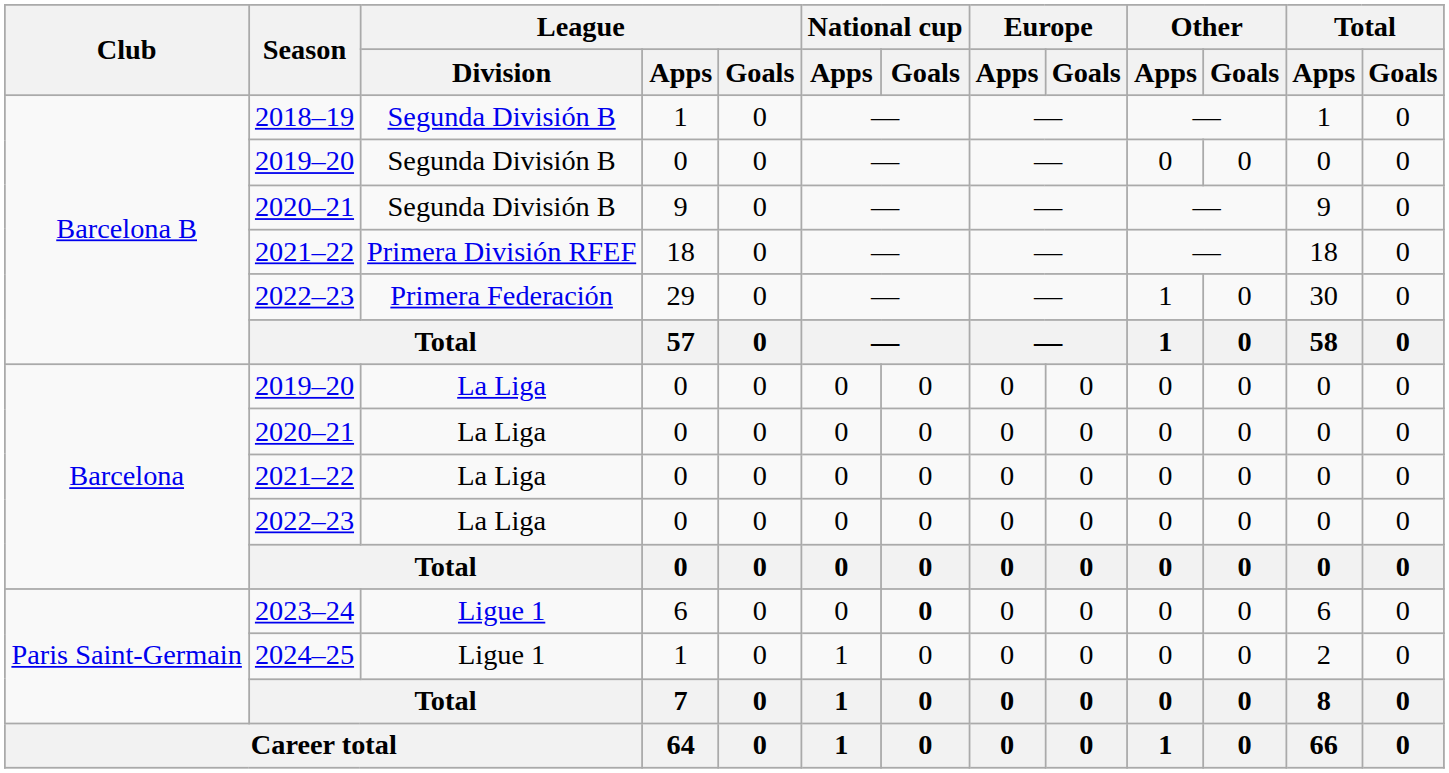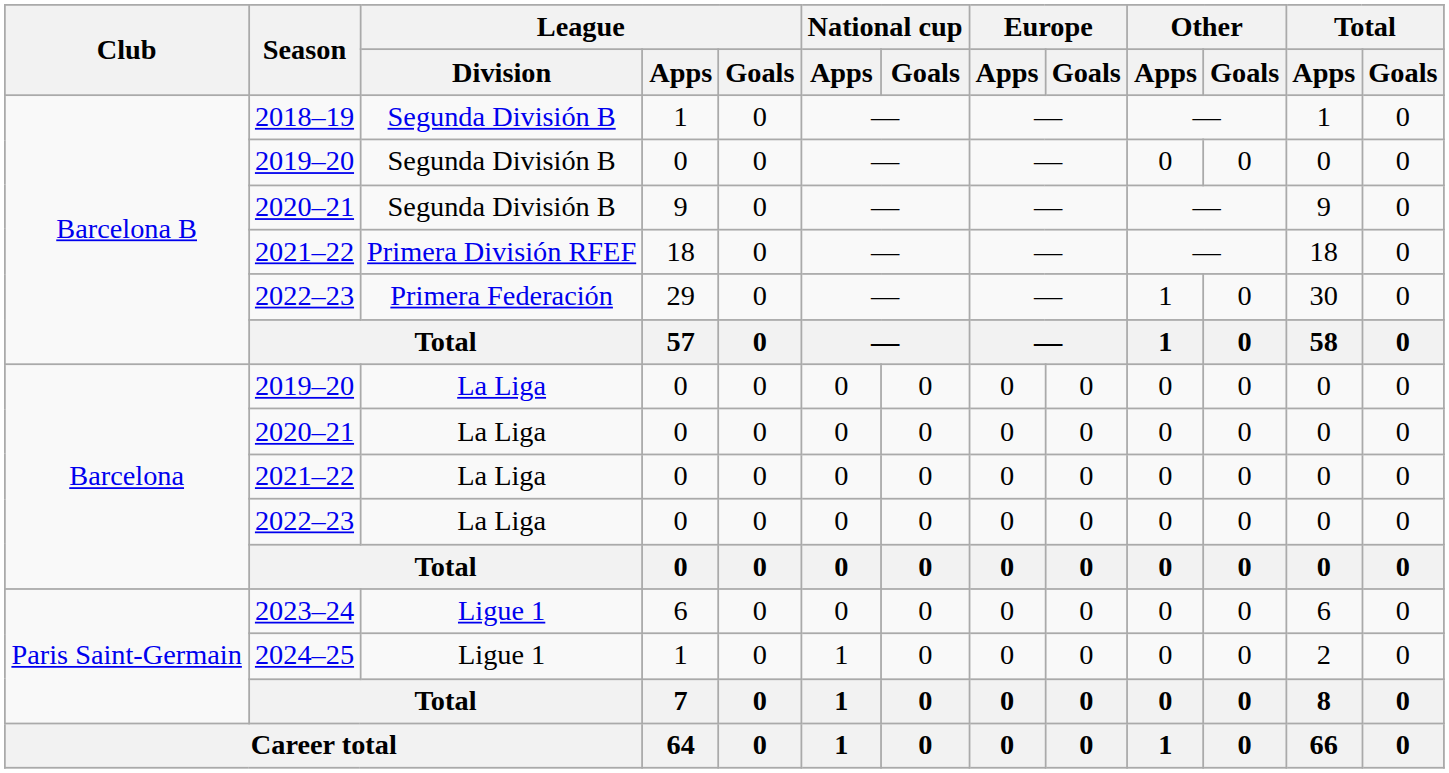 <table class="wikitable" style="text-align: center">
 <tr>
 <th rowspan="2">Club</th>
 <th rowspan="2">Season</th>
 <th colspan="3">League</th>
 <th colspan="2">National cup</th>
 <th colspan="2">Europe</th>
 <th colspan="2">Other</th>
 <th colspan="2">Total</th>
 </tr>
 <tr>
 <th>Division</th>
 <th>Apps</th>
 <th>Goals</th>
 <th>Apps</th>
 <th>Goals</th>
 <th>Apps</th>
 <th>Goals</th>
 <th>Apps</th>
 <th>Goals</th>
 <th>Apps</th>
 <th>Goals</th>
 </tr>
 <tr>
 <td rowspan="6"><a href='#'>Barcelona B</a></td>
 <td><a href='#'>2018–19</a></td>
 <td><a href='#'>Segunda División B</a></td>
 <td>1</td>
 <td>0</td>
 <td colspan="2">—</td>
 <td colspan="2">—</td>
 <td colspan="2">—</td>
 <td>1</td>
 <td>0</td>
 </tr>
 <tr>
 <td><a href='#'>2019–20</a></td>
 <td>Segunda División B</td>
 <td>0</td>
 <td>0</td>
 <td colspan="2">—</td>
 <td colspan="2">—</td>
 <td>0</td>
 <td>0</td>
 <td>0</td>
 <td>0</td>
 </tr>
 <tr>
 <td><a href='#'>2020–21</a></td>
 <td>Segunda División B</td>
 <td>9</td>
 <td>0</td>
 <td colspan="2">—</td>
 <td colspan="2">—</td>
 <td colspan="2">—</td>
 <td>9</td>
 <td>0</td>
 </tr>
 <tr>
 <td><a href='#'>2021–22</a></td>
 <td><a href='#'>Primera División RFEF</a></td>
 <td>18</td>
 <td>0</td>
 <td colspan="2">—</td>
 <td colspan="2">—</td>
 <td colspan="2">—</td>
 <td>18</td>
 <td>0</td>
 </tr>
 <tr>
 <td><a href='#'>2022–23</a></td>
 <td><a href='#'>Primera Federación</a></td>
 <td>29</td>
 <td>0</td>
 <td colspan="2">—</td>
 <td colspan="2">—</td>
 <td>1</td>
 <td>0</td>
 <td>30</td>
 <td>0</td>
 </tr>
 <tr>
 <th colspan="2">Total</th>
 <th>57</th>
 <th>0</th>
 <th colspan="2">—</th>
 <th colspan="2">—</th>
 <th>1</th>
 <th>0</th>
 <th>58</th>
 <th>0</th>
 </tr>
 <tr>
 <td rowspan="5"><a href='#'>Barcelona</a></td>
 <td><a href='#'>2019–20</a></td>
 <td><a href='#'>La Liga</a></td>
 <td>0</td>
 <td>0</td>
 <td>0</td>
 <td>0</td>
 <td>0</td>
 <td>0</td>
 <td>0</td>
 <td>0</td>
 <td>0</td>
 <td>0</td>
 </tr>
 <tr>
 <td><a href='#'>2020–21</a></td>
 <td>La Liga</td>
 <td>0</td>
 <td>0</td>
 <td>0</td>
 <td>0</td>
 <td>0</td>
 <td>0</td>
 <td>0</td>
 <td>0</td>
 <td>0</td>
 <td>0</td>
 </tr>
 <tr>
 <td><a href='#'>2021–22</a></td>
 <td>La Liga</td>
 <td>0</td>
 <td>0</td>
 <td>0</td>
 <td>0</td>
 <td>0</td>
 <td>0</td>
 <td>0</td>
 <td>0</td>
 <td>0</td>
 <td>0</td>
 </tr>
 <tr>
 <td><a href='#'>2022–23</a></td>
 <td>La Liga</td>
 <td>0</td>
 <td>0</td>
 <td>0</td>
 <td>0</td>
 <td>0</td>
 <td>0</td>
 <td>0</td>
 <td>0</td>
 <td>0</td>
 <td>0</td>
 </tr>
 <tr>
 <th colspan="2">Total</th>
 <th>0</th>
 <th>0</th>
 <th>0</th>
 <th>0</th>
 <th>0</th>
 <th>0</th>
 <th>0</th>
 <th>0</th>
 <th>0</th>
 <th>0</th>
 </tr>
 <tr>
 <td rowspan="3"><a href='#'>Paris Saint-Germain</a></td>
 <td><a href='#'>2023–24</a></td>
 <td><a href='#'>Ligue 1</a></td>
 <td>6</td>
 <td>0</td>
 <td>0</td>
-<td><strong>0</strong></td>
+<td>0</td>
 <td>0</td>
 <td>0</td>
 <td>0</td>
 <td>0</td>
 <td>6</td>
 <td>0</td>
 </tr>
 <tr>
 <td><a href='#'>2024–25</a></td>
 <td>Ligue 1</td>
 <td>1</td>
 <td>0</td>
 <td>1</td>
 <td>0</td>
 <td>0</td>
 <td>0</td>
 <td>0</td>
 <td>0</td>
 <td>2</td>
 <td>0</td>
 </tr>
 <tr>
 <th colspan="2">Total</th>
 <th>7</th>
 <th>0</th>
 <th>1</th>
 <th>0</th>
 <th>0</th>
 <th>0</th>
 <th>0</th>
 <th>0</th>
 <th>8</th>
 <th>0</th>
 </tr>
 <tr>
 <th colspan="3">Career total</th>
 <th>64</th>
 <th>0</th>
 <th>1</th>
 <th>0</th>
 <th>0</th>
 <th>0</th>
 <th>1</th>
 <th>0</th>
 <th>66</th>
 <th>0</th>
 </tr>
 </table>
